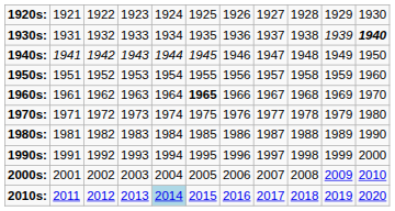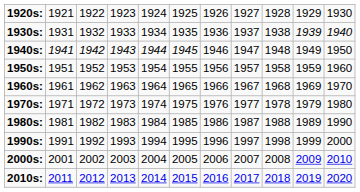 <table class="wikitable">
 <tr>
 <td><strong>1920s:</strong></td>
 <td>1921</td>
 <td>1922</td>
 <td>1923</td>
 <td>1924</td>
 <td>1925</td>
 <td>1926</td>
 <td>1927</td>
 <td>1928</td>
 <td>1929</td>
 <td>1930</td>
 </tr>
 <tr>
 <td><strong>1930s:</strong></td>
 <td>1931</td>
 <td>1932</td>
 <td>1933</td>
 <td>1934</td>
 <td>1935</td>
 <td>1936</td>
 <td>1937</td>
 <td>1938</td>
 <td><em>1939</em></td>
-<td><strong><em>1940</em></strong></td>
+<td><em>1940</em></td>
 </tr>
 <tr>
 <td><strong>1940s:</strong></td>
 <td><em>1941</em></td>
 <td><em>1942</em></td>
 <td><em>1943</em></td>
 <td><em>1944</em></td>
 <td><em>1945</em></td>
 <td>1946</td>
 <td>1947</td>
 <td>1948</td>
 <td>1949</td>
 <td>1950</td>
 </tr>
 <tr>
 <td><strong>1950s:</strong></td>
 <td>1951</td>
 <td>1952</td>
 <td>1953</td>
 <td>1954</td>
 <td>1955</td>
 <td>1956</td>
 <td>1957</td>
 <td>1958</td>
 <td>1959</td>
 <td>1960</td>
 </tr>
 <tr>
 <td><strong>1960s:</strong></td>
 <td>1961</td>
 <td>1962</td>
 <td>1963</td>
 <td>1964</td>
-<td><strong>1965</strong></td>
+<td>1965</td>
 <td>1966</td>
 <td>1967</td>
 <td>1968</td>
 <td>1969</td>
 <td>1970</td>
 </tr>
 <tr>
 <td><strong>1970s:</strong></td>
 <td>1971</td>
 <td>1972</td>
 <td>1973</td>
 <td>1974</td>
 <td>1975</td>
 <td>1976</td>
 <td>1977</td>
 <td>1978</td>
 <td>1979</td>
 <td>1980</td>
 </tr>
 <tr>
 <td><strong>1980s:</strong></td>
 <td>1981</td>
 <td>1982</td>
 <td>1983</td>
 <td>1984</td>
 <td>1985</td>
 <td>1986</td>
 <td>1987</td>
 <td>1988</td>
 <td>1989</td>
 <td>1990</td>
 </tr>
 <tr>
 <td><strong>1990s:</strong></td>
 <td>1991</td>
 <td>1992</td>
 <td>1993</td>
 <td>1994</td>
 <td>1995</td>
 <td>1996</td>
 <td>1997</td>
 <td>1998</td>
 <td>1999</td>
 <td>2000</td>
 </tr>
 <tr>
 <td><strong>2000s:</strong></td>
 <td>2001</td>
 <td>2002</td>
 <td>2003</td>
 <td>2004</td>
 <td>2005</td>
 <td>2006</td>
 <td>2007</td>
 <td>2008</td>
 <td><a href='#'>2009</a></td>
 <td><a href='#'>2010</a></td>
 </tr>
 <tr>
 <td><strong>2010s:</strong></td>
 <td><a href='#'>2011</a></td>
 <td><a href='#'>2012</a></td>
 <td><a href='#'>2013</a></td>
-<td style="background: lightblue;"><a href='#'>2014</a></td>
+<td><a href='#'>2014</a></td>
 <td><a href='#'>2015</a></td>
 <td><a href='#'>2016</a></td>
 <td><a href='#'>2017</a></td>
 <td><a href='#'>2018</a></td>
 <td><a href='#'>2019</a></td>
 <td><a href='#'>2020</a></td>
 </tr>
 </table>
